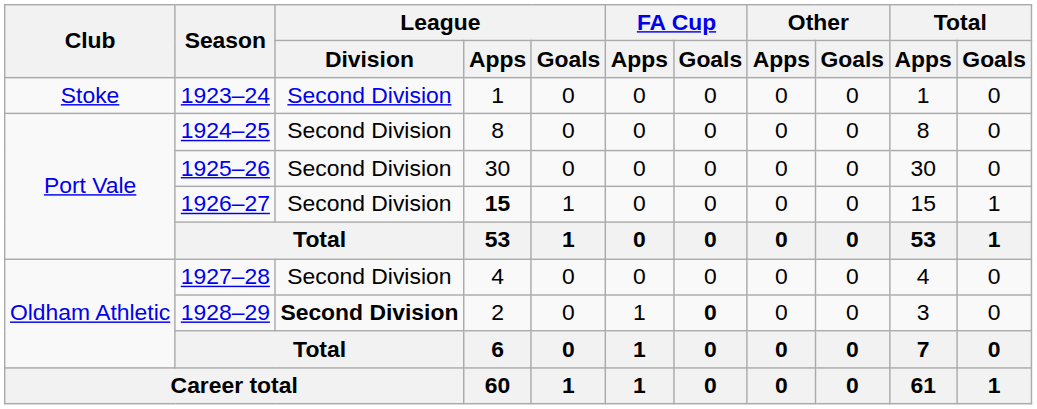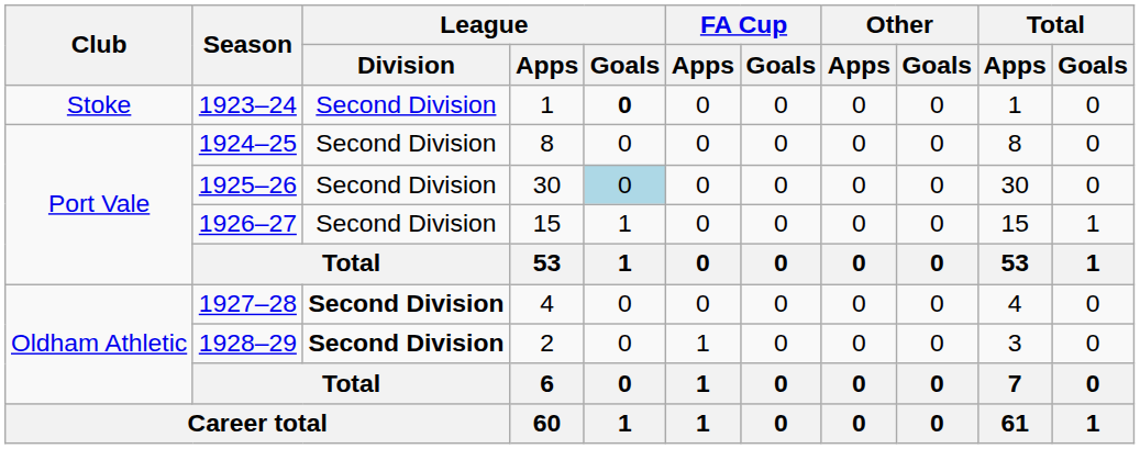 <table class="wikitable" style="text-align:center">
 <tr>
 <th rowspan="2">Club</th>
 <th rowspan="2">Season</th>
 <th colspan="3">League</th>
 <th colspan="2"><a href='#'>FA Cup</a></th>
 <th colspan="2">Other</th>
 <th colspan="2">Total</th>
 </tr>
 <tr>
 <th>Division</th>
 <th>Apps</th>
 <th>Goals</th>
 <th>Apps</th>
 <th>Goals</th>
 <th>Apps</th>
 <th>Goals</th>
 <th>Apps</th>
 <th>Goals</th>
 </tr>
 <tr>
 <td><a href='#'>Stoke</a></td>
 <td><a href='#'>1923–24</a></td>
 <td><a href='#'>Second Division</a></td>
 <td>1</td>
-<td>0</td>
+<td><strong>0</strong></td>
 <td>0</td>
 <td>0</td>
 <td>0</td>
 <td>0</td>
 <td>1</td>
 <td>0</td>
 </tr>
 <tr>
 <td rowspan="4"><a href='#'>Port Vale</a></td>
 <td><a href='#'>1924–25</a></td>
 <td>Second Division</td>
 <td>8</td>
 <td>0</td>
 <td>0</td>
 <td>0</td>
 <td>0</td>
 <td>0</td>
 <td>8</td>
 <td>0</td>
 </tr>
 <tr>
 <td><a href='#'>1925–26</a></td>
 <td>Second Division</td>
 <td>30</td>
-<td>0</td>
+<td style="background: lightblue;">0</td>
 <td>0</td>
 <td>0</td>
 <td>0</td>
 <td>0</td>
 <td>30</td>
 <td>0</td>
 </tr>
 <tr>
 <td><a href='#'>1926–27</a></td>
 <td>Second Division</td>
-<td><strong>15</strong></td>
+<td>15</td>
 <td>1</td>
 <td>0</td>
 <td>0</td>
 <td>0</td>
 <td>0</td>
 <td>15</td>
 <td>1</td>
 </tr>
 <tr>
 <th colspan="2">Total</th>
 <th>53</th>
 <th>1</th>
 <th>0</th>
 <th>0</th>
 <th>0</th>
 <th>0</th>
 <th>53</th>
 <th>1</th>
 </tr>
 <tr>
 <td rowspan="3"><a href='#'>Oldham Athletic</a></td>
 <td><a href='#'>1927–28</a></td>
-<td>Second Division</td>
+<td><strong>Second Division</strong></td>
 <td>4</td>
 <td>0</td>
 <td>0</td>
 <td>0</td>
 <td>0</td>
 <td>0</td>
 <td>4</td>
 <td>0</td>
 </tr>
 <tr>
 <td><a href='#'>1928–29</a></td>
 <td><strong>Second Division</strong></td>
 <td>2</td>
 <td>0</td>
 <td>1</td>
-<td><strong>0</strong></td>
+<td>0</td>
 <td>0</td>
 <td>0</td>
 <td>3</td>
 <td>0</td>
 </tr>
 <tr>
 <th colspan="2">Total</th>
 <th>6</th>
 <th>0</th>
 <th>1</th>
 <th>0</th>
 <th>0</th>
 <th>0</th>
 <th>7</th>
 <th>0</th>
 </tr>
 <tr>
 <th colspan=3>Career total</th>
 <th>60</th>
 <th>1</th>
 <th>1</th>
 <th>0</th>
 <th>0</th>
 <th>0</th>
 <th>61</th>
 <th>1</th>
 </tr>
 </table>
